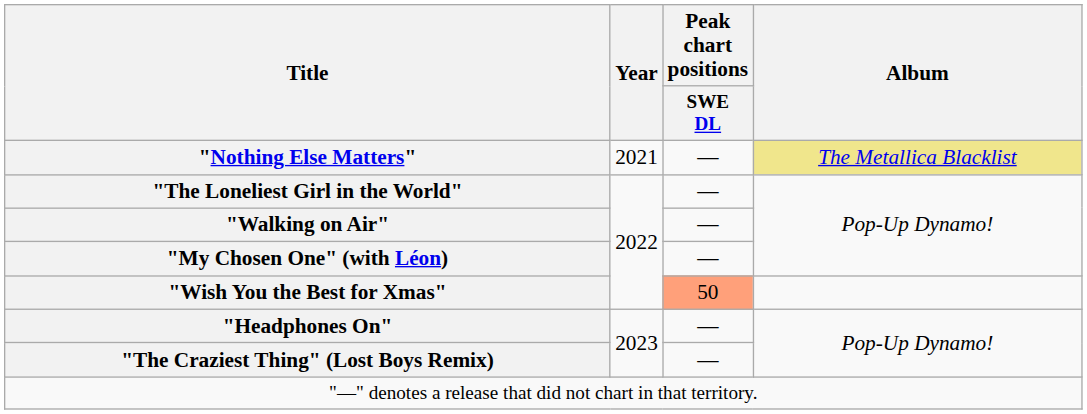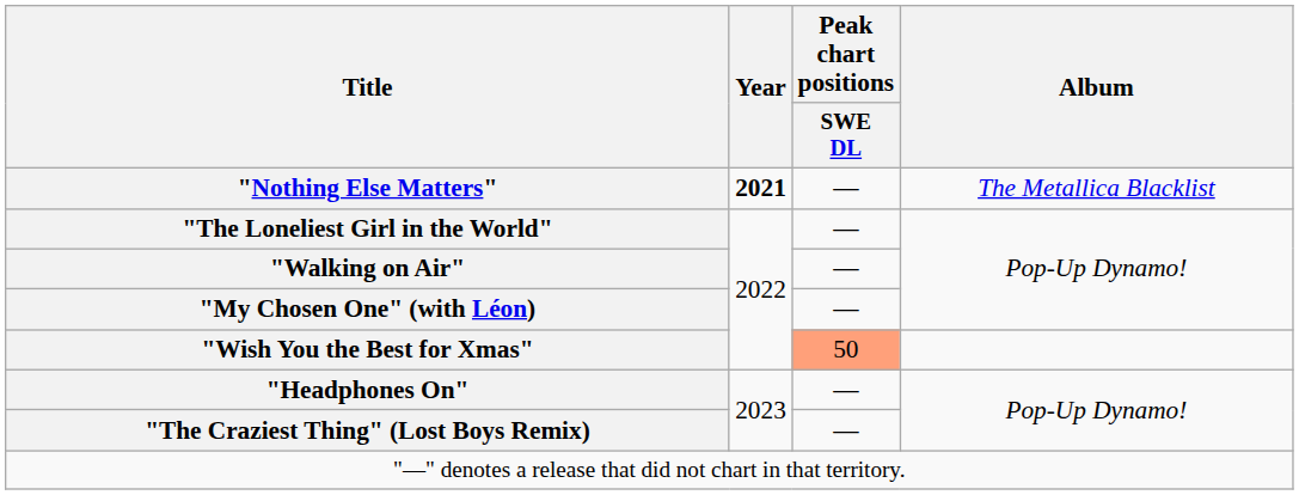 <table class="wikitable plainrowheaders" style="text-align:center;">
 <tr>
 <th scope="col" rowspan="2" style="width:28em;">Title</th>
 <th scope="col" rowspan="2" style="width:1em;">Year</th>
 <th scope="col" colspan="1" style="width:1em;">Peak chart positions</th>
 <th scope="col" rowspan="2" style="width:15em;">Album</th>
 </tr>
 <tr>
 <th scope="col" style="width:3em;font-size:90%;">SWE<br><a href='#'>DL</a><br></th>
 </tr>
 <tr>
 <th scope="row">"<a href='#'>Nothing Else Matters</a>"</th>
-<td>2021</td>
+<td><strong>2021</strong></td>
 <td>—</td>
-<td style="background: khaki;"><em><a href='#'>The Metallica Blacklist</a></em></td>
+<td><em><a href='#'>The Metallica Blacklist</a></em></td>
 </tr>
 <tr>
 <th scope="row">"The Loneliest Girl in the World"</th>
 <td rowspan="4">2022</td>
 <td>—</td>
 <td rowspan="3"><em>Pop-Up Dynamo!</em></td>
 </tr>
 <tr>
 <th scope="row">"Walking on Air"</th>
 <td>—</td>
 </tr>
 <tr>
 <th scope="row">"My Chosen One" (with <a href='#'>Léon</a>)</th>
 <td>—</td>
 </tr>
 <tr>
 <th scope="row">"Wish You the Best for Xmas"</th>
 <td style="background: lightsalmon;">50</td>
 <td></td>
 </tr>
 <tr>
 <th scope="row">"Headphones On"</th>
 <td rowspan="2">2023</td>
 <td>—</td>
 <td rowspan="2"><em>Pop-Up Dynamo!</em></td>
 </tr>
 <tr>
 <th scope="row">"The Craziest Thing" (Lost Boys Remix)</th>
 <td>—</td>
 </tr>
 <tr>
 <td colspan="4" style="font-size:90%">"—" denotes a release that did not chart in that territory.</td>
 </tr>
 </table>
